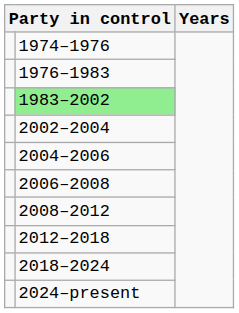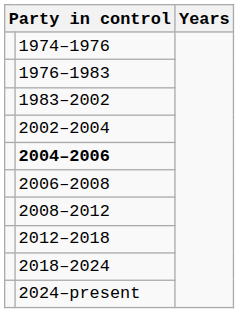 <table class="wikitable">
 <tr>
 <th colspan=2>Party in control</th>
 <th>Years</th>
 </tr>
 <tr>
 <td></td>
 <td>1974–1976</td>
 </tr>
 <tr>
 <td></td>
 <td>1976–1983</td>
 </tr>
 <tr>
 <td></td>
-<td style="background: lightgreen;">1983–2002</td>
+<td>1983–2002</td>
 </tr>
 <tr>
 <td></td>
 <td>2002–2004</td>
 </tr>
 <tr>
 <td></td>
-<td>2004–2006</td>
+<td><strong>2004–2006</strong></td>
 </tr>
 <tr>
 <td></td>
 <td>2006–2008</td>
 </tr>
 <tr>
 <td></td>
 <td>2008–2012</td>
 </tr>
 <tr>
 <td></td>
 <td>2012–2018</td>
 </tr>
 <tr>
 <td></td>
 <td>2018–2024</td>
 </tr>
 <tr>
 <td></td>
 <td>2024–present</td>
 </tr>
 </table>
